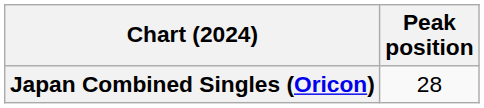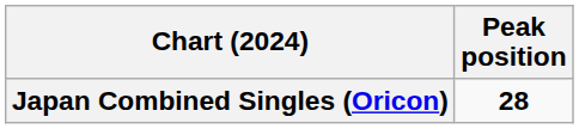 <table class="wikitable sortable plainrowheaders" style="text-align:center">
 <tr>
 <th scope="col">Chart (2024)</th>
 <th scope="col">Peak<br>position</th>
 </tr>
 <tr>
 <th scope="row">Japan Combined Singles (<a href='#'>Oricon</a>)</th>
-<td>28</td>
+<td><strong>28</strong></td>
 </tr>
 </table>
